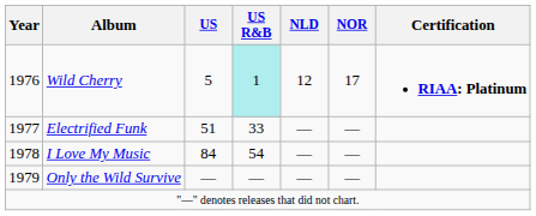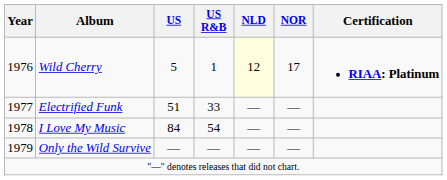 <table class="wikitable">
 <tr>
 <th>Year</th>
 <th>Album</th>
 <th style="width:3em;font-size:90%;"><a href='#'>US</a><br></th>
 <th style="width:3em;font-size:90%;"><a href='#'>US<br>R&B</a><br></th>
 <th style="width:3em;font-size:90%;"><a href='#'>NLD</a><br></th>
 <th style="width:3em;font-size:90%;"><a href='#'>NOR</a><br></th>
 <th>Certification</th>
 </tr>
 <tr>
 <td>1976</td>
 <td><em><a href='#'>Wild Cherry</a></em></td>
 <td style="text-align:center;">5</td>
-<td style="background: paleturquoise; text-align:center;">1</td>
-<td style="text-align:center;">12</td>
+<td style="text-align:center;">1</td>
+<td style="background: lightyellow; text-align:center;">12</td>
 <td style="text-align:center;">17</td>
 <td><strong><br><ul><li><a href='#'>RIAA</a>: Platinum</li></ul></strong></td>
 </tr>
 <tr>
 <td>1977</td>
 <td><em><a href='#'>Electrified Funk</a></em></td>
 <td style="text-align:center;">51</td>
 <td style="text-align:center;">33</td>
 <td style="text-align:center;">—</td>
 <td style="text-align:center;">—</td>
 <td></td>
 </tr>
 <tr>
 <td>1978</td>
 <td><em><a href='#'>I Love My Music</a></em></td>
 <td style="text-align:center;">84</td>
 <td style="text-align:center;">54</td>
 <td style="text-align:center;">—</td>
 <td style="text-align:center;">—</td>
 <td></td>
 </tr>
 <tr>
 <td>1979</td>
 <td><em><a href='#'>Only the Wild Survive</a></em></td>
 <td style="text-align:center;">—</td>
 <td style="text-align:center;">—</td>
 <td style="text-align:center;">—</td>
 <td style="text-align:center;">—</td>
 <td></td>
 </tr>
 <tr>
 <td colspan="7" style="text-align:center; font-size:9pt;">"—" denotes releases that did not chart.</td>
 </tr>
 </table>
